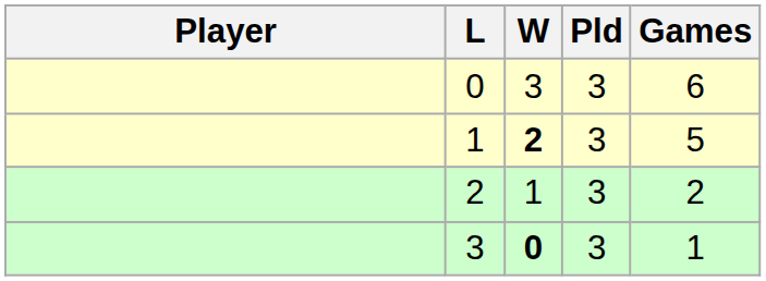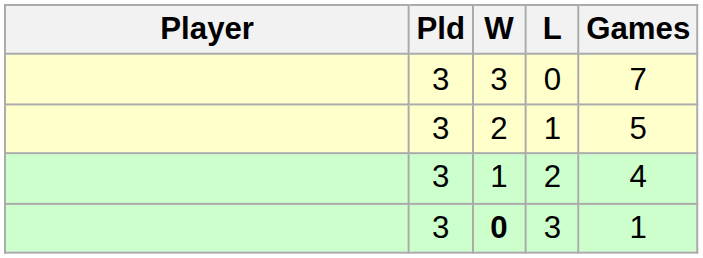 <table class="wikitable" style="text-align:center">
 <tr>
 <th width=200>Player</th>
+<th width=20>Pld</th>
+<th width=20>W</th>
 <th width=20>L</th>
-<th width=20>W</th>
-<th width=20>Pld</th>
 <th width=20>Games</th>
 </tr>
 <tr bgcolor=#ffc>
 <td style="text-align:left;"><strong></strong></td>
-<td>0</td>
 <td>3</td>
 <td>3</td>
-<td>6</td>
+<td>0</td>
+<td>7</td>
 </tr>
 <tr bgcolor=#ffc>
 <td style="text-align:left;"><strong></strong></td>
+<td>3</td>
+<td>2</td>
 <td>1</td>
-<td><strong>2</strong></td>
-<td>3</td>
 <td>5</td>
 </tr>
 <tr bgcolor=#cfc>
 <td style="text-align:left;"></td>
+<td>3</td>
+<td>1</td>
 <td>2</td>
-<td>1</td>
-<td>3</td>
-<td>2</td>
+<td>4</td>
 </tr>
 <tr bgcolor=#cfc>
 <td style="text-align:left;"></td>
 <td>3</td>
 <td><strong>0</strong></td>
 <td>3</td>
 <td>1</td>
 </tr>
 </table>
